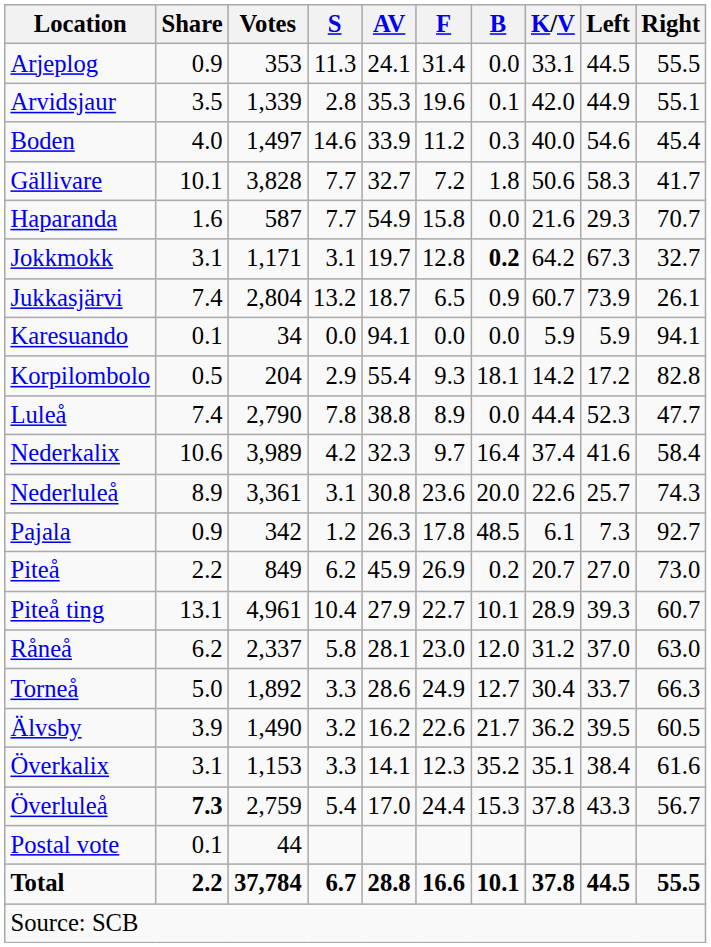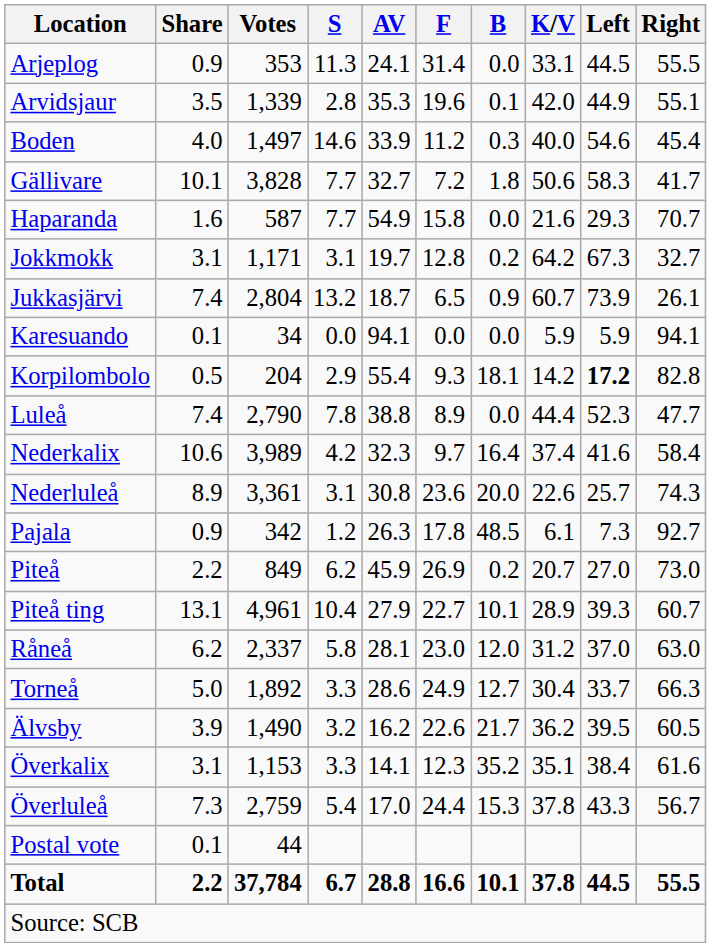 <table class="wikitable sortable" style=text-align:right>
 <tr>
 <th>Location</th>
 <th>Share</th>
 <th>Votes</th>
 <th><a href='#'>S</a></th>
 <th><a href='#'>AV</a></th>
 <th><a href='#'>F</a></th>
 <th><a href='#'>B</a></th>
 <th><a href='#'>K</a>/<a href='#'>V</a></th>
 <th>Left</th>
 <th>Right</th>
 </tr>
 <tr>
 <td align=left><a href='#'>Arjeplog</a></td>
 <td>0.9</td>
 <td>353</td>
 <td>11.3</td>
 <td>24.1</td>
 <td>31.4</td>
 <td>0.0</td>
 <td>33.1</td>
 <td>44.5</td>
 <td>55.5</td>
 </tr>
 <tr>
 <td align=left><a href='#'>Arvidsjaur</a></td>
 <td>3.5</td>
 <td>1,339</td>
 <td>2.8</td>
 <td>35.3</td>
 <td>19.6</td>
 <td>0.1</td>
 <td>42.0</td>
 <td>44.9</td>
 <td>55.1</td>
 </tr>
 <tr>
 <td align=left><a href='#'>Boden</a></td>
 <td>4.0</td>
 <td>1,497</td>
 <td>14.6</td>
 <td>33.9</td>
 <td>11.2</td>
 <td>0.3</td>
 <td>40.0</td>
 <td>54.6</td>
 <td>45.4</td>
 </tr>
 <tr>
 <td align=left><a href='#'>Gällivare</a></td>
 <td>10.1</td>
 <td>3,828</td>
 <td>7.7</td>
 <td>32.7</td>
 <td>7.2</td>
 <td>1.8</td>
 <td>50.6</td>
 <td>58.3</td>
 <td>41.7</td>
 </tr>
 <tr>
 <td align=left><a href='#'>Haparanda</a></td>
 <td>1.6</td>
 <td>587</td>
 <td>7.7</td>
 <td>54.9</td>
 <td>15.8</td>
 <td>0.0</td>
 <td>21.6</td>
 <td>29.3</td>
 <td>70.7</td>
 </tr>
 <tr>
 <td align=left><a href='#'>Jokkmokk</a></td>
 <td>3.1</td>
 <td>1,171</td>
 <td>3.1</td>
 <td>19.7</td>
 <td>12.8</td>
-<td><strong>0.2</strong></td>
+<td>0.2</td>
 <td>64.2</td>
 <td>67.3</td>
 <td>32.7</td>
 </tr>
 <tr>
 <td align=left><a href='#'>Jukkasjärvi</a></td>
 <td>7.4</td>
 <td>2,804</td>
 <td>13.2</td>
 <td>18.7</td>
 <td>6.5</td>
 <td>0.9</td>
 <td>60.7</td>
 <td>73.9</td>
 <td>26.1</td>
 </tr>
 <tr>
 <td align=left><a href='#'>Karesuando</a></td>
 <td>0.1</td>
 <td>34</td>
 <td>0.0</td>
 <td>94.1</td>
 <td>0.0</td>
 <td>0.0</td>
 <td>5.9</td>
 <td>5.9</td>
 <td>94.1</td>
 </tr>
 <tr>
 <td align=left><a href='#'>Korpilombolo</a></td>
 <td>0.5</td>
 <td>204</td>
 <td>2.9</td>
 <td>55.4</td>
 <td>9.3</td>
 <td>18.1</td>
 <td>14.2</td>
-<td>17.2</td>
+<td><strong>17.2</strong></td>
 <td>82.8</td>
 </tr>
 <tr>
 <td align=left><a href='#'>Luleå</a></td>
 <td>7.4</td>
 <td>2,790</td>
 <td>7.8</td>
 <td>38.8</td>
 <td>8.9</td>
 <td>0.0</td>
 <td>44.4</td>
 <td>52.3</td>
 <td>47.7</td>
 </tr>
 <tr>
 <td align=left><a href='#'>Nederkalix</a></td>
 <td>10.6</td>
 <td>3,989</td>
 <td>4.2</td>
 <td>32.3</td>
 <td>9.7</td>
 <td>16.4</td>
 <td>37.4</td>
 <td>41.6</td>
 <td>58.4</td>
 </tr>
 <tr>
 <td align=left><a href='#'>Nederluleå</a></td>
 <td>8.9</td>
 <td>3,361</td>
 <td>3.1</td>
 <td>30.8</td>
 <td>23.6</td>
 <td>20.0</td>
 <td>22.6</td>
 <td>25.7</td>
 <td>74.3</td>
 </tr>
 <tr>
 <td align=left><a href='#'>Pajala</a></td>
 <td>0.9</td>
 <td>342</td>
 <td>1.2</td>
 <td>26.3</td>
 <td>17.8</td>
 <td>48.5</td>
 <td>6.1</td>
 <td>7.3</td>
 <td>92.7</td>
 </tr>
 <tr>
 <td align=left><a href='#'>Piteå</a></td>
 <td>2.2</td>
 <td>849</td>
 <td>6.2</td>
 <td>45.9</td>
 <td>26.9</td>
 <td>0.2</td>
 <td>20.7</td>
 <td>27.0</td>
 <td>73.0</td>
 </tr>
 <tr>
 <td align=left><a href='#'>Piteå ting</a></td>
 <td>13.1</td>
 <td>4,961</td>
 <td>10.4</td>
 <td>27.9</td>
 <td>22.7</td>
 <td>10.1</td>
 <td>28.9</td>
 <td>39.3</td>
 <td>60.7</td>
 </tr>
 <tr>
 <td align=left><a href='#'>Råneå</a></td>
 <td>6.2</td>
 <td>2,337</td>
 <td>5.8</td>
 <td>28.1</td>
 <td>23.0</td>
 <td>12.0</td>
 <td>31.2</td>
 <td>37.0</td>
 <td>63.0</td>
 </tr>
 <tr>
 <td align=left><a href='#'>Torneå</a></td>
 <td>5.0</td>
 <td>1,892</td>
 <td>3.3</td>
 <td>28.6</td>
 <td>24.9</td>
 <td>12.7</td>
 <td>30.4</td>
 <td>33.7</td>
 <td>66.3</td>
 </tr>
 <tr>
 <td align=left><a href='#'>Älvsby</a></td>
 <td>3.9</td>
 <td>1,490</td>
 <td>3.2</td>
 <td>16.2</td>
 <td>22.6</td>
 <td>21.7</td>
 <td>36.2</td>
 <td>39.5</td>
 <td>60.5</td>
 </tr>
 <tr>
 <td align=left><a href='#'>Överkalix</a></td>
 <td>3.1</td>
 <td>1,153</td>
 <td>3.3</td>
 <td>14.1</td>
 <td>12.3</td>
 <td>35.2</td>
 <td>35.1</td>
 <td>38.4</td>
 <td>61.6</td>
 </tr>
 <tr>
 <td align=left><a href='#'>Överluleå</a></td>
-<td><strong>7.3</strong></td>
+<td>7.3</td>
 <td>2,759</td>
 <td>5.4</td>
 <td>17.0</td>
 <td>24.4</td>
 <td>15.3</td>
 <td>37.8</td>
 <td>43.3</td>
 <td>56.7</td>
 </tr>
 <tr>
 <td align=left><a href='#'>Postal vote</a></td>
 <td>0.1</td>
 <td>44</td>
 <td></td>
 <td></td>
 <td></td>
 <td></td>
 <td></td>
 <td></td>
 <td></td>
 </tr>
 <tr>
 <td align=left><strong>Total</strong></td>
 <td><strong>2.2</strong></td>
 <td><strong>37,784</strong></td>
 <td><strong>6.7</strong></td>
 <td><strong>28.8</strong></td>
 <td><strong>16.6</strong></td>
 <td><strong>10.1</strong></td>
 <td><strong>37.8</strong></td>
 <td><strong>44.5</strong></td>
 <td><strong>55.5</strong></td>
 </tr>
 <tr>
 <td align=left colspan=10>Source: SCB </td>
 </tr>
 </table>
